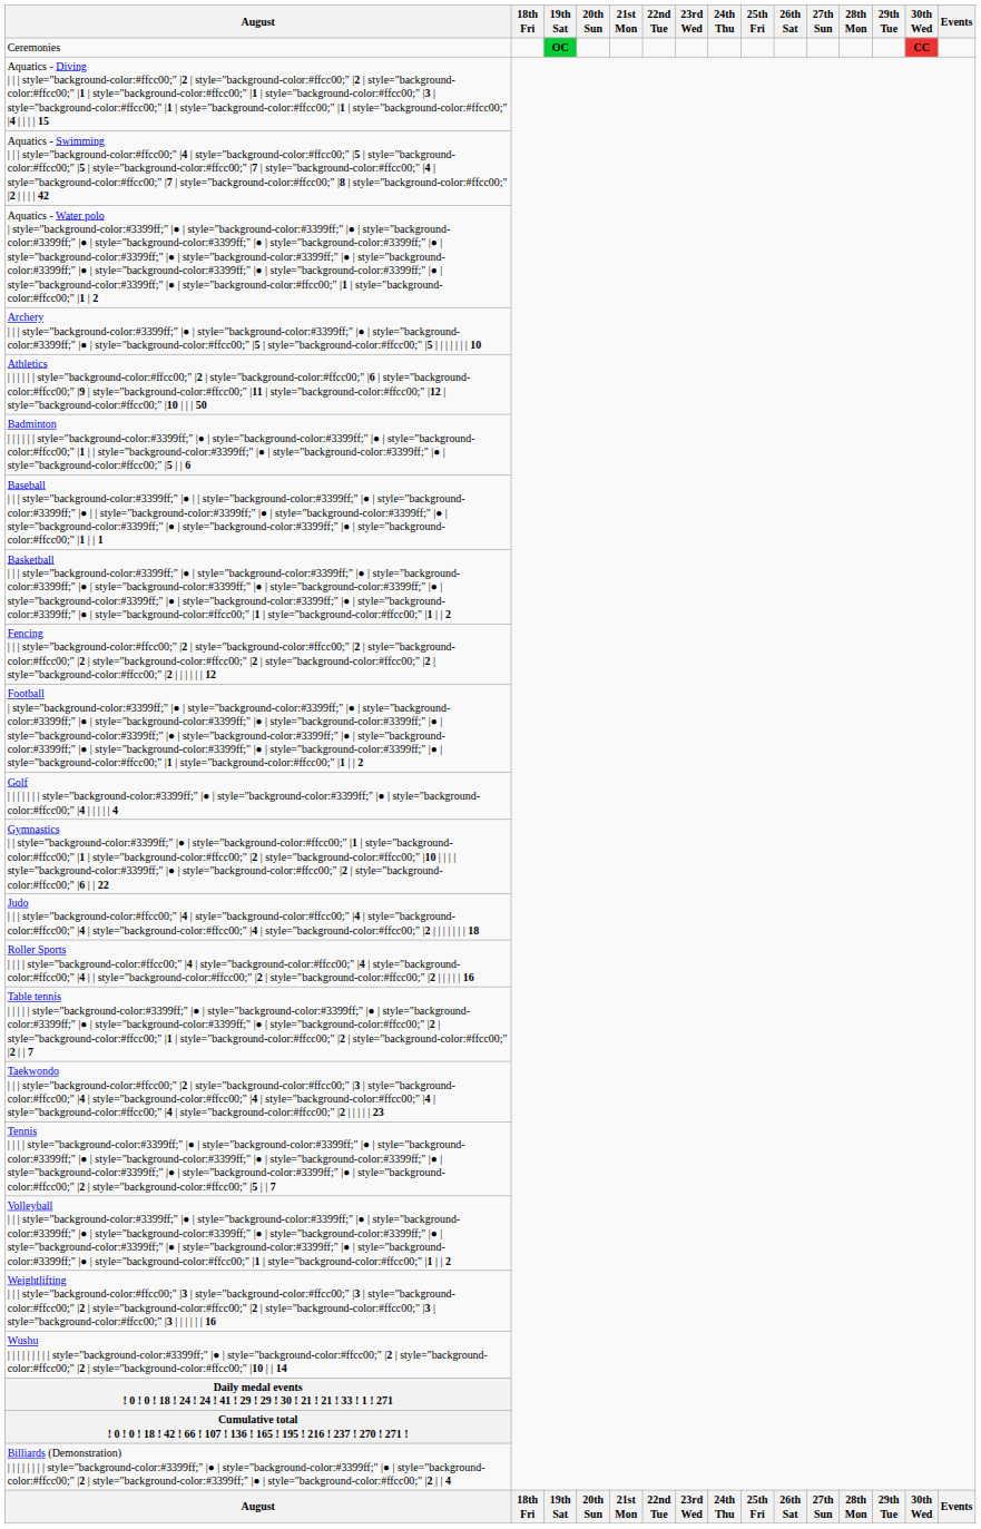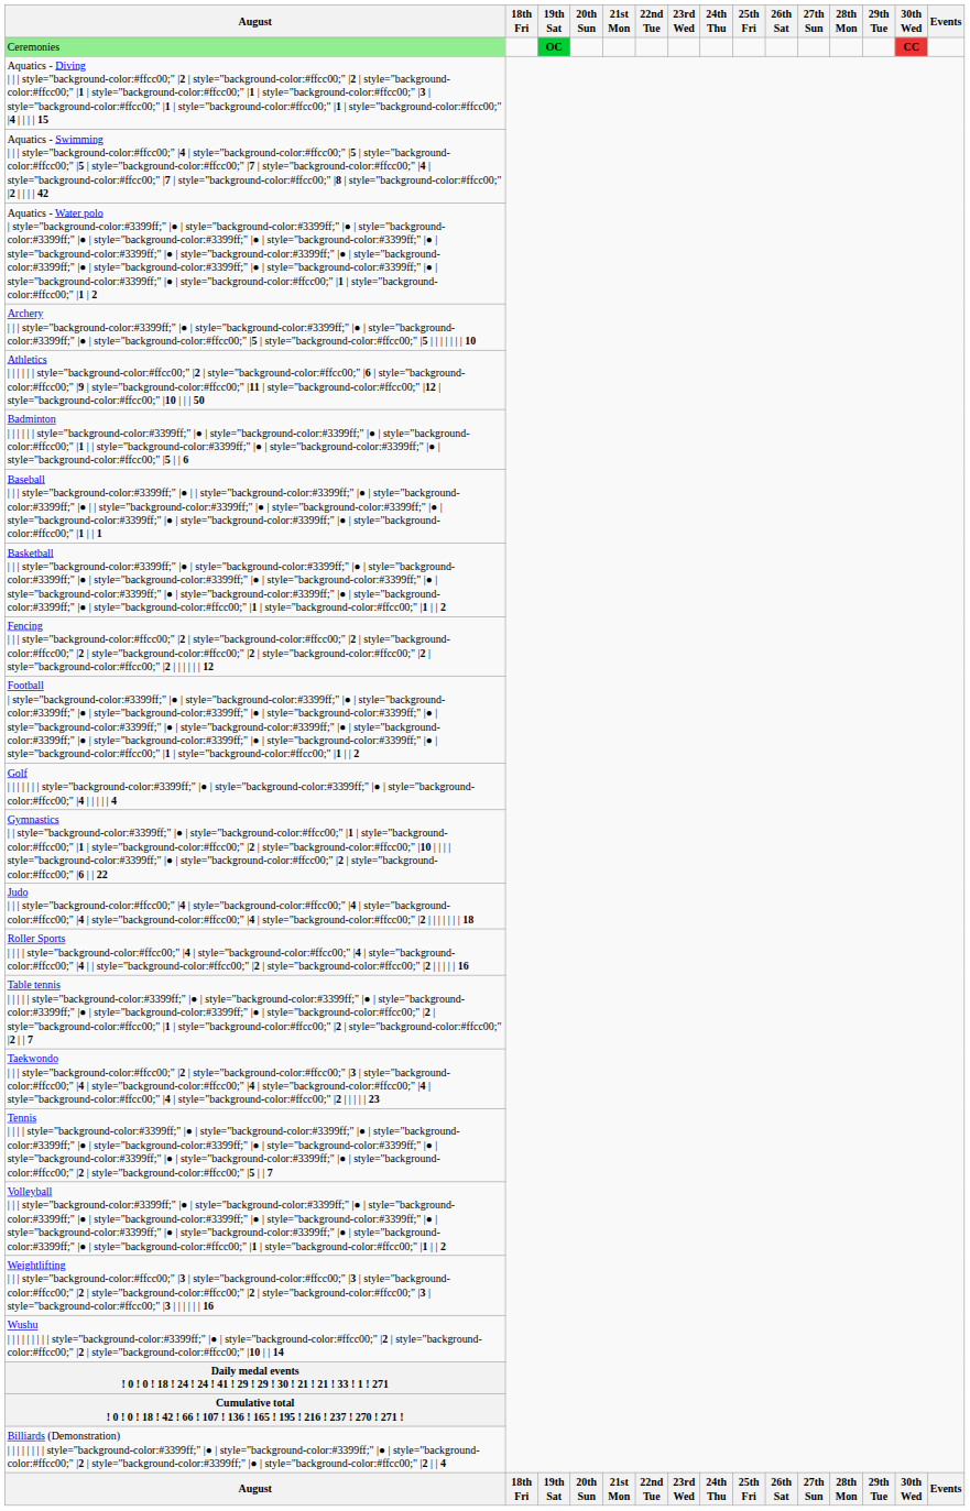 <table class="wikitable" style="margin:0.5em auto; font-size:90%; line-height:1.25em;">
 <tr>
 <th>August</th>
 <th style="width:2.5em">18th<br>Fri</th>
 <th style="width:2.5em">19th<br>Sat</th>
 <th style="width:2.5em">20th<br>Sun</th>
 <th style="width:2.5em">21st<br>Mon</th>
 <th style="width:2.5em">22nd<br>Tue</th>
 <th style="width:2.5em">23rd<br>Wed</th>
 <th style="width:2.5em">24th<br>Thu</th>
 <th style="width:2.5em">25th<br>Fri</th>
 <th style="width:2.5em">26th<br>Sat</th>
 <th style="width:2.5em">27th<br>Sun</th>
 <th style="width:2.5em">28th<br>Mon</th>
 <th style="width:2.5em">29th<br>Tue</th>
 <th style="width:2.5em">30th<br>Wed</th>
 <th>Events</th>
 </tr>
 <tr>
-<td>Ceremonies</td>
+<td style="background: lightgreen;">Ceremonies</td>
 <td></td>
 <td style="background:#00cc33; text-align:center;"><strong>OC</strong></td>
 <td></td>
 <td></td>
 <td></td>
 <td></td>
 <td></td>
 <td></td>
 <td></td>
 <td></td>
 <td></td>
 <td></td>
 <td style="background:#ee3333; text-align:center;"><strong>CC</strong></td>
 <td></td>
 </tr>
 <tr style="text-align:center;">
 <td style="text-align:left;"> Aquatics - <a href='#'>Diving</a><br>|  |  | style="background-color:#ffcc00;" |<strong>2</strong> | style="background-color:#ffcc00;" |<strong>2</strong> | style="background-color:#ffcc00;" |<strong>1</strong> | style="background-color:#ffcc00;" |<strong>1</strong> | style="background-color:#ffcc00;" |<strong>3</strong> | style="background-color:#ffcc00;" |<strong>1</strong> | style="background-color:#ffcc00;" |<strong>1</strong> | style="background-color:#ffcc00;" |<strong>4</strong> |  |  |  | <strong>15</strong></td>
 </tr>
 <tr style="text-align:center;">
 <td style="text-align:left;"> Aquatics - <a href='#'>Swimming</a><br>|  |  | style="background-color:#ffcc00;" |<strong>4</strong> | style="background-color:#ffcc00;" |<strong>5</strong> | style="background-color:#ffcc00;" |<strong>5</strong> | style="background-color:#ffcc00;" |<strong>7</strong> | style="background-color:#ffcc00;" |<strong>4</strong> | style="background-color:#ffcc00;" |<strong>7</strong> | style="background-color:#ffcc00;" |<strong>8</strong> | style="background-color:#ffcc00;" |<strong>2</strong> |  |  |  | <strong>42</strong></td>
 </tr>
 <tr style="text-align:center;">
 <td style="text-align:left;"> Aquatics - <a href='#'>Water polo</a><br>| style="background-color:#3399ff;" |● | style="background-color:#3399ff;" |● | style="background-color:#3399ff;" |● | style="background-color:#3399ff;" |● | style="background-color:#3399ff;" |● | style="background-color:#3399ff;" |● | style="background-color:#3399ff;" |● | style="background-color:#3399ff;" |● | style="background-color:#3399ff;" |● | style="background-color:#3399ff;" |● | style="background-color:#3399ff;" |● | style="background-color:#ffcc00;" |<strong>1</strong> | style="background-color:#ffcc00;" |<strong>1</strong> | <strong>2</strong></td>
 </tr>
 <tr style="text-align:center;">
 <td style="text-align:left;"> <a href='#'>Archery</a><br>|  |  | style="background-color:#3399ff;" |● | style="background-color:#3399ff;" |● | style="background-color:#3399ff;" |● | style="background-color:#ffcc00;" |<strong>5</strong> | style="background-color:#ffcc00;" |<strong>5</strong> |  |  |  |  |  |  | <strong>10</strong></td>
 </tr>
 <tr style="text-align:center;">
 <td style="text-align:left;"> <a href='#'>Athletics</a><br>|  |  |  |  | | style="background-color:#ffcc00;" |<strong>2</strong> | style="background-color:#ffcc00;" |<strong>6</strong> | style="background-color:#ffcc00;" |<strong>9</strong> | style="background-color:#ffcc00;" |<strong>11</strong> | style="background-color:#ffcc00;" |<strong>12</strong> | style="background-color:#ffcc00;" |<strong>10</strong> |  |  | <strong>50</strong></td>
 </tr>
 <tr style="text-align:center;">
 <td style="text-align:left;"> <a href='#'>Badminton</a><br>|  |  |  |  |  | style="background-color:#3399ff;" |● | style="background-color:#3399ff;" |● | style="background-color:#ffcc00;" |<strong>1</strong> |  | style="background-color:#3399ff;" |● | style="background-color:#3399ff;" |● | style="background-color:#ffcc00;" |<strong>5</strong> |  | <strong>6</strong></td>
 </tr>
 <tr style="text-align:center;">
 <td style="text-align:left;"> <a href='#'>Baseball</a><br>|  |  | style="background-color:#3399ff;" |● |  | style="background-color:#3399ff;" |● | style="background-color:#3399ff;" |● |  | style="background-color:#3399ff;" |● | style="background-color:#3399ff;" |● | style="background-color:#3399ff;" |● | style="background-color:#3399ff;" |● | style="background-color:#ffcc00;" |<strong>1</strong> |  | <strong>1</strong></td>
 </tr>
 <tr style="text-align:center;">
 <td style="text-align:left;"> <a href='#'>Basketball</a><br>|  |  | style="background-color:#3399ff;" |● | style="background-color:#3399ff;" |● | style="background-color:#3399ff;" |● | style="background-color:#3399ff;" |● | style="background-color:#3399ff;" |● | style="background-color:#3399ff;" |● | style="background-color:#3399ff;" |● | style="background-color:#3399ff;" |● | style="background-color:#ffcc00;" |<strong>1</strong> | style="background-color:#ffcc00;" |<strong>1</strong> |  | <strong>2</strong></td>
 </tr>
 <tr style="text-align:center;">
 <td style="text-align:left;"> <a href='#'>Fencing</a><br>|  |  | style="background-color:#ffcc00;" |<strong>2</strong> | style="background-color:#ffcc00;" |<strong>2</strong> | style="background-color:#ffcc00;" |<strong>2</strong> | style="background-color:#ffcc00;" |<strong>2</strong> | style="background-color:#ffcc00;" |<strong>2</strong> | style="background-color:#ffcc00;" |<strong>2</strong> |  |  |  |  |  | <strong>12</strong></td>
 </tr>
 <tr style="text-align:center;">
 <td style="text-align:left;"> <a href='#'>Football</a><br>| style="background-color:#3399ff;" |● | style="background-color:#3399ff;" |● | style="background-color:#3399ff;" |● | style="background-color:#3399ff;" |● | style="background-color:#3399ff;" |● | style="background-color:#3399ff;" |● | style="background-color:#3399ff;" |● | style="background-color:#3399ff;" |● | style="background-color:#3399ff;" |● | style="background-color:#3399ff;" |● | style="background-color:#ffcc00;" |<strong>1</strong> | style="background-color:#ffcc00;" |<strong>1</strong> |  | <strong>2</strong></td>
 </tr>
 <tr style="text-align:center;">
 <td style="text-align:left;"> <a href='#'>Golf</a><br>|  |  |  |  |  |  | style="background-color:#3399ff;" |● | style="background-color:#3399ff;" |● | style="background-color:#ffcc00;" |<strong>4</strong> |  |  |  |  | <strong>4</strong></td>
 </tr>
 <tr style="text-align:center;">
 <td style="text-align:left;"> <a href='#'>Gymnastics</a><br>|  | style="background-color:#3399ff;" |● | style="background-color:#ffcc00;" |<strong>1</strong> | style="background-color:#ffcc00;" |<strong>1</strong> | style="background-color:#ffcc00;" |<strong>2</strong> | style="background-color:#ffcc00;" |<strong>10</strong> |  |  |  | style="background-color:#3399ff;" |● | style="background-color:#ffcc00;" |<strong>2</strong> | style="background-color:#ffcc00;" |<strong>6</strong> |  | <strong>22</strong></td>
 </tr>
 <tr style="text-align:center;">
 <td style="text-align:left;"> <a href='#'>Judo</a><br>|  |  | style="background-color:#ffcc00;" |<strong>4</strong> | style="background-color:#ffcc00;" |<strong>4</strong> | style="background-color:#ffcc00;" |<strong>4</strong> | style="background-color:#ffcc00;" |<strong>4</strong> | style="background-color:#ffcc00;" |<strong>2</strong> |  |  |  |  |  |  | <strong>18</strong></td>
 </tr>
 <tr style="text-align:center;">
 <td style="text-align:left;"> <a href='#'>Roller Sports</a><br>|  |  |  | style="background-color:#ffcc00;" |<strong>4</strong> | style="background-color:#ffcc00;" |<strong>4</strong> | style="background-color:#ffcc00;" |<strong>4</strong> |  | style="background-color:#ffcc00;" |<strong>2</strong> | style="background-color:#ffcc00;" |<strong>2</strong> |  |  |  |  | <strong>16</strong></td>
 </tr>
 <tr style="text-align:center;">
 <td style="text-align:left;"> <a href='#'>Table tennis</a><br>|  |  |  |  | style="background-color:#3399ff;" |● | style="background-color:#3399ff;" |● | style="background-color:#3399ff;" |● | style="background-color:#3399ff;" |● | style="background-color:#ffcc00;" |<strong>2</strong> | style="background-color:#ffcc00;" |<strong>1</strong> | style="background-color:#ffcc00;" |<strong>2</strong> | style="background-color:#ffcc00;" |<strong>2</strong> |  | <strong>7</strong></td>
 </tr>
 <tr style="text-align:center;">
 <td style="text-align:left;"> <a href='#'>Taekwondo</a><br>|  |  | style="background-color:#ffcc00;" |<strong>2</strong> | style="background-color:#ffcc00;" |<strong>3</strong> | style="background-color:#ffcc00;" |<strong>4</strong> | style="background-color:#ffcc00;" |<strong>4</strong> | style="background-color:#ffcc00;" |<strong>4</strong> | style="background-color:#ffcc00;" |<strong>4</strong> | style="background-color:#ffcc00;" |<strong>2</strong> |  |  |  |  | <strong>23</strong></td>
 </tr>
 <tr style="text-align:center;">
 <td style="text-align:left;"> <a href='#'>Tennis</a><br>|  |  |  | style="background-color:#3399ff;" |● | style="background-color:#3399ff;" |● | style="background-color:#3399ff;" |● | style="background-color:#3399ff;" |● | style="background-color:#3399ff;" |● | style="background-color:#3399ff;" |● | style="background-color:#3399ff;" |● | style="background-color:#ffcc00;" |<strong>2</strong> | style="background-color:#ffcc00;" |<strong>5</strong> |  | <strong>7</strong></td>
 </tr>
 <tr style="text-align:center;">
 <td style="text-align:left;"> <a href='#'>Volleyball</a><br>|  |  | style="background-color:#3399ff;" |● | style="background-color:#3399ff;" |● | style="background-color:#3399ff;" |● | style="background-color:#3399ff;" |● | style="background-color:#3399ff;" |● | style="background-color:#3399ff;" |● | style="background-color:#3399ff;" |● | style="background-color:#3399ff;" |● | style="background-color:#ffcc00;" |<strong>1</strong> | style="background-color:#ffcc00;" |<strong>1</strong> |  | <strong>2</strong></td>
 </tr>
 <tr style="text-align:center;">
 <td style="text-align:left;"> <a href='#'>Weightlifting</a><br>|  |  | style="background-color:#ffcc00;" |<strong>3</strong> | style="background-color:#ffcc00;" |<strong>3</strong> | style="background-color:#ffcc00;" |<strong>2</strong> | style="background-color:#ffcc00;" |<strong>2</strong> | style="background-color:#ffcc00;" |<strong>3</strong> | style="background-color:#ffcc00;" |<strong>3</strong> |  |  |  |  |  | <strong>16</strong></td>
 </tr>
 <tr style="text-align:center;">
 <td style="text-align:left;"> <a href='#'>Wushu</a><br>|  |  |  |  |  |  |  |  | style="background-color:#3399ff;" |● | style="background-color:#ffcc00;" |<strong>2</strong> | style="background-color:#ffcc00;" |<strong>2</strong> | style="background-color:#ffcc00;" |<strong>10</strong> |  | <strong>14</strong></td>
 </tr>
 <tr style="text-align:center;">
 <th>Daily medal events<br>! 0 ! 0 ! 18 ! 24 ! 24 ! 41 ! 29 ! 29 ! 30 ! 21 ! 21 ! 33 ! 1 ! 271</th>
 </tr>
 <tr style="text-align:center;">
 <th>Cumulative total<br>! 0 ! 0 ! 18 ! 42 ! 66 ! 107 ! 136 ! 165 ! 195 ! 216 ! 237 ! 270 ! 271 !</th>
 </tr>
 <tr style="text-align:center;">
 <td style="text-align:left;"> <a href='#'>Billiards</a> (Demonstration)<br>|  |  |  |  |  |  |  | style="background-color:#3399ff;" |● | style="background-color:#3399ff;" |● | style="background-color:#ffcc00;" |<strong>2</strong> | style="background-color:#3399ff;" |● | style="background-color:#ffcc00;" |<strong>2</strong> |  | <strong>4</strong></td>
 </tr>
 <tr>
 <th>August</th>
 <th style="width:2.5em">18th<br>Fri</th>
 <th style="width:2.5em">19th<br>Sat</th>
 <th style="width:2.5em">20th<br>Sun</th>
 <th style="width:2.5em">21st<br>Mon</th>
 <th style="width:2.5em">22nd<br>Tue</th>
 <th style="width:2.5em">23rd<br>Wed</th>
 <th style="width:2.5em">24th<br>Thu</th>
 <th style="width:2.5em">25th<br>Fri</th>
 <th style="width:2.5em">26th<br>Sat</th>
 <th style="width:2.5em">27th<br>Sun</th>
 <th style="width:2.5em">28th<br>Mon</th>
 <th style="width:2.5em">29th<br>Tue</th>
 <th style="width:2.5em">30th<br>Wed</th>
 <th>Events</th>
 </tr>
 </table>
